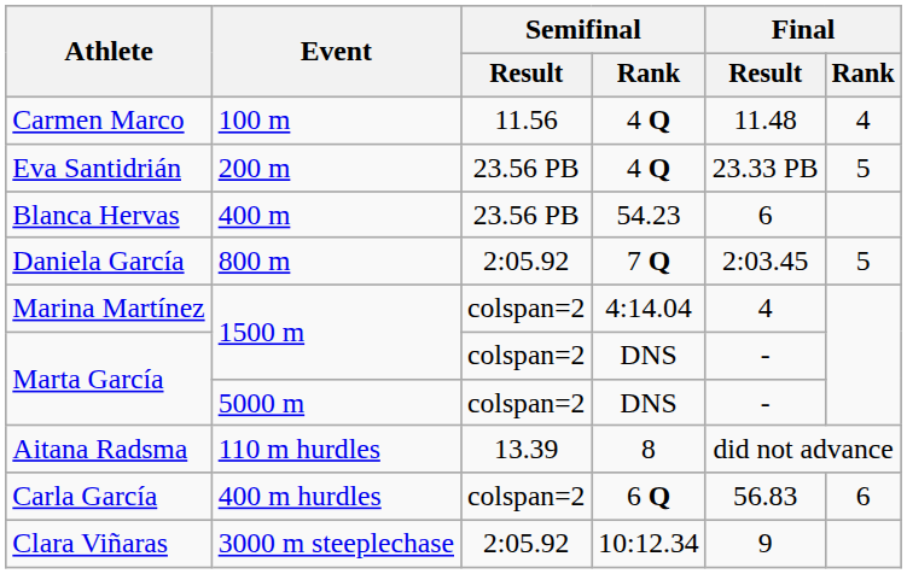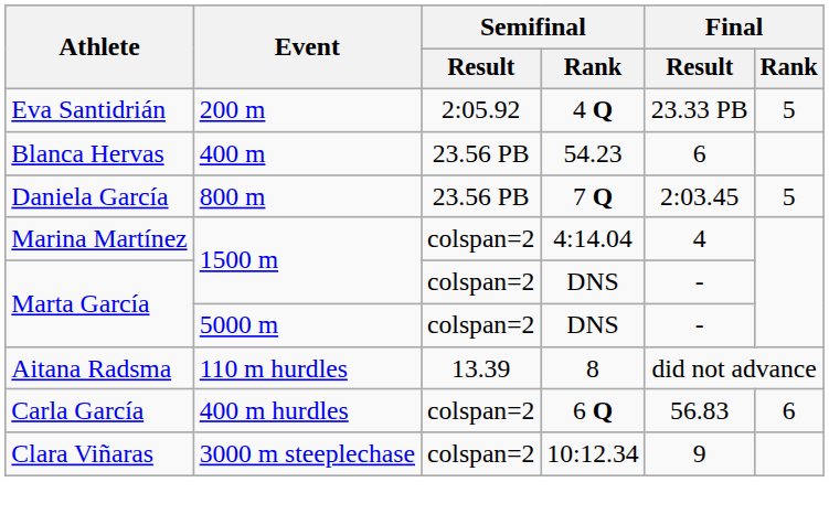 <table class="wikitable" style="font-size:90%">
 <tr>
 <th rowspan="2">Athlete</th>
 <th rowspan="2">Event</th>
 <th colspan="2">Semifinal</th>
 <th colspan="2">Final</th>
 </tr>
 <tr style="font-size:95%">
 <th>Result</th>
 <th>Rank</th>
 <th>Result</th>
 <th>Rank</th>
 </tr>
 <tr align=center>
-<td align=left><a href='#'>Carmen Marco</a></td>
-<td align=left><a href='#'>100 m</a></td>
-<td>11.56</td>
-<td>4 <strong>Q</strong></td>
-<td>11.48</td>
-<td>4</td>
-</tr>
-<tr align=center>
 <td align=left><a href='#'>Eva Santidrián</a></td>
 <td align=left><a href='#'>200 m</a></td>
-<td>23.56 PB</td>
+<td>2:05.92</td>
 <td>4 <strong>Q</strong></td>
 <td>23.33 PB</td>
 <td>5</td>
 </tr>
 <tr align=center>
 <td align=left><a href='#'>Blanca Hervas</a></td>
 <td align=left><a href='#'>400 m</a></td>
 <td>23.56 PB</td>
 <td>54.23</td>
 <td>6</td>
 </tr>
 <tr align=center>
 <td align=left><a href='#'>Daniela García</a></td>
 <td align=left><a href='#'>800 m</a></td>
-<td>2:05.92</td>
+<td>23.56 PB</td>
 <td>7 <strong>Q</strong></td>
 <td>2:03.45</td>
 <td>5</td>
 </tr>
 <tr align=center>
 <td align=left><a href='#'>Marina Martínez</a></td>
 <td align=left rowspan=2><a href='#'>1500 m</a></td>
 <td>colspan=2 </td>
 <td>4:14.04</td>
 <td>4</td>
 </tr>
 <tr align=center>
 <td align=left rowspan=2><a href='#'>Marta García</a></td>
 <td>colspan=2 </td>
 <td>DNS</td>
 <td>-</td>
 </tr>
 <tr align=center>
 <td align=left><a href='#'>5000 m</a></td>
 <td>colspan=2 </td>
 <td>DNS</td>
 <td>-</td>
 </tr>
 <tr align=center>
 <td align=left><a href='#'>Aitana Radsma</a></td>
 <td align=left><a href='#'>110 m hurdles</a></td>
 <td>13.39</td>
 <td>8</td>
 <td colspan=2>did not advance</td>
 </tr>
 <tr align=center>
 <td align=left><a href='#'>Carla García</a></td>
 <td align=left><a href='#'>400 m hurdles</a></td>
 <td>colspan=2 </td>
 <td>6 <strong>Q</strong></td>
 <td>56.83</td>
 <td>6</td>
 </tr>
 <tr align=center>
 <td align=left><a href='#'>Clara Viñaras</a></td>
 <td align=left><a href='#'>3000 m steeplechase</a></td>
-<td>2:05.92</td>
+<td>colspan=2 </td>
 <td>10:12.34</td>
 <td>9</td>
 </tr>
 </table>
